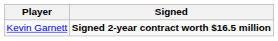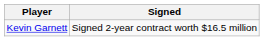 <table class="wikitable sortable sortable">
 <tr>
 <th>Player</th>
 <th>Signed</th>
 </tr>
 <tr style="text-align: center">
 <td><a href='#'>Kevin Garnett</a></td>
-<td><strong>Signed 2-year contract worth $16.5 million</strong></td>
+<td>Signed 2-year contract worth $16.5 million</td>
 </tr>
 </table>
